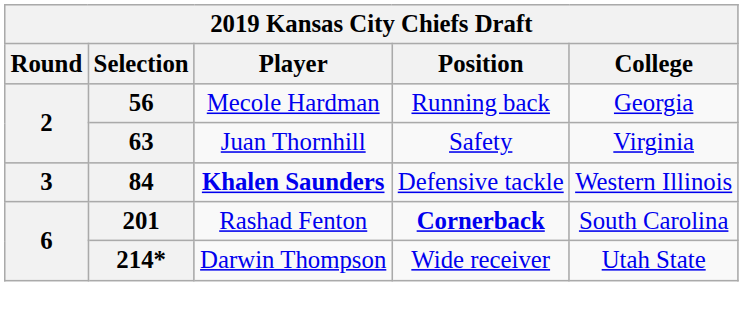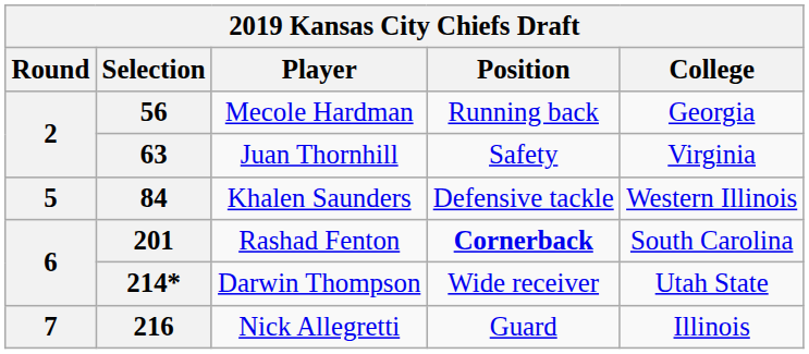 <table class="wikitable" style="text-align:center">
 <tr>
 <th colspan=5>2019 Kansas City Chiefs Draft</th>
 </tr>
 <tr>
 <th>Round</th>
 <th>Selection</th>
 <th>Player</th>
 <th>Position</th>
 <th>College</th>
 </tr>
 <tr>
 <th rowspan="2">2</th>
 <th>56</th>
 <td><a href='#'>Mecole Hardman</a></td>
 <td><a href='#'>Running back</a></td>
 <td><a href='#'>Georgia</a></td>
 </tr>
 <tr>
 <th>63</th>
 <td><a href='#'>Juan Thornhill</a></td>
 <td><a href='#'>Safety</a></td>
 <td><a href='#'>Virginia</a></td>
 </tr>
 <tr>
-<th>3</th>
+<th>5</th>
 <th>84</th>
-<td><strong><a href='#'>Khalen Saunders</a></strong></td>
+<td><a href='#'>Khalen Saunders</a></td>
 <td><a href='#'>Defensive tackle</a></td>
 <td><a href='#'>Western Illinois</a></td>
 </tr>
 <tr>
 <th rowspan="2">6</th>
 <th>201</th>
 <td><a href='#'>Rashad Fenton</a></td>
 <td><strong><a href='#'>Cornerback</a></strong></td>
 <td><a href='#'>South Carolina</a></td>
 </tr>
 <tr>
 <th>214*</th>
 <td><a href='#'>Darwin Thompson</a></td>
 <td><a href='#'>Wide receiver</a></td>
 <td><a href='#'>Utah State</a></td>
 </tr>
+<tr>
+<th>7</th>
+<th>216</th>
+<td><a href='#'>Nick Allegretti</a></td>
+<td><a href='#'>Guard</a></td>
+<td><a href='#'>Illinois</a></td>
+</tr>
 </table>
